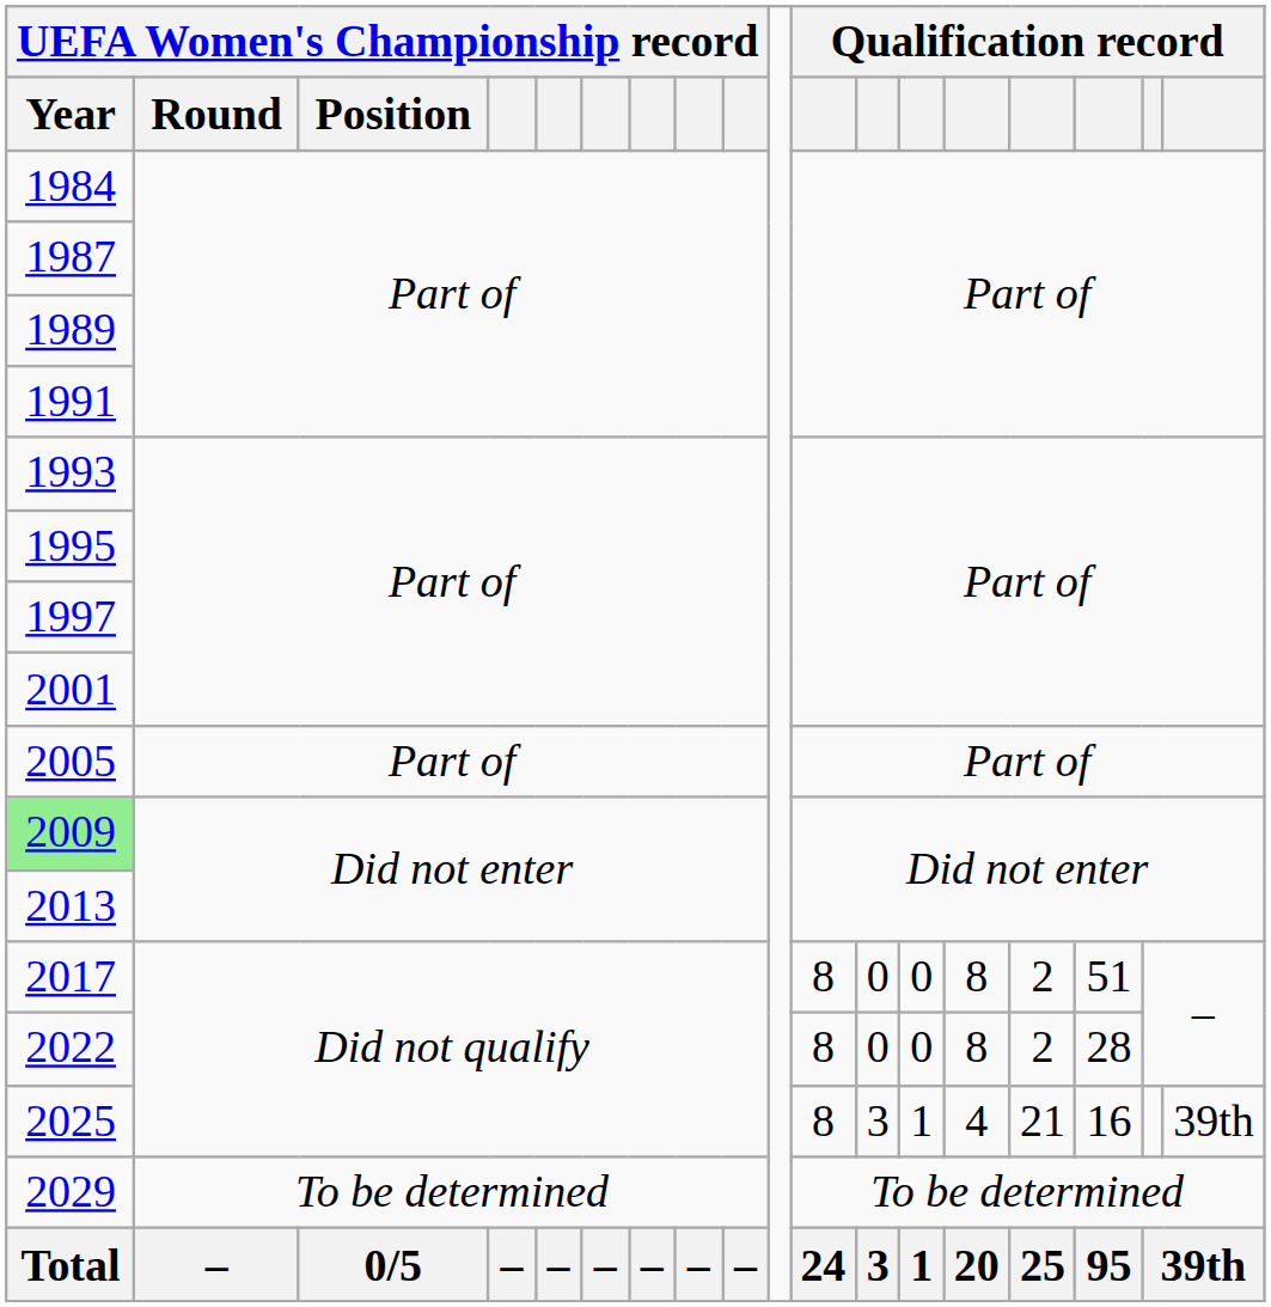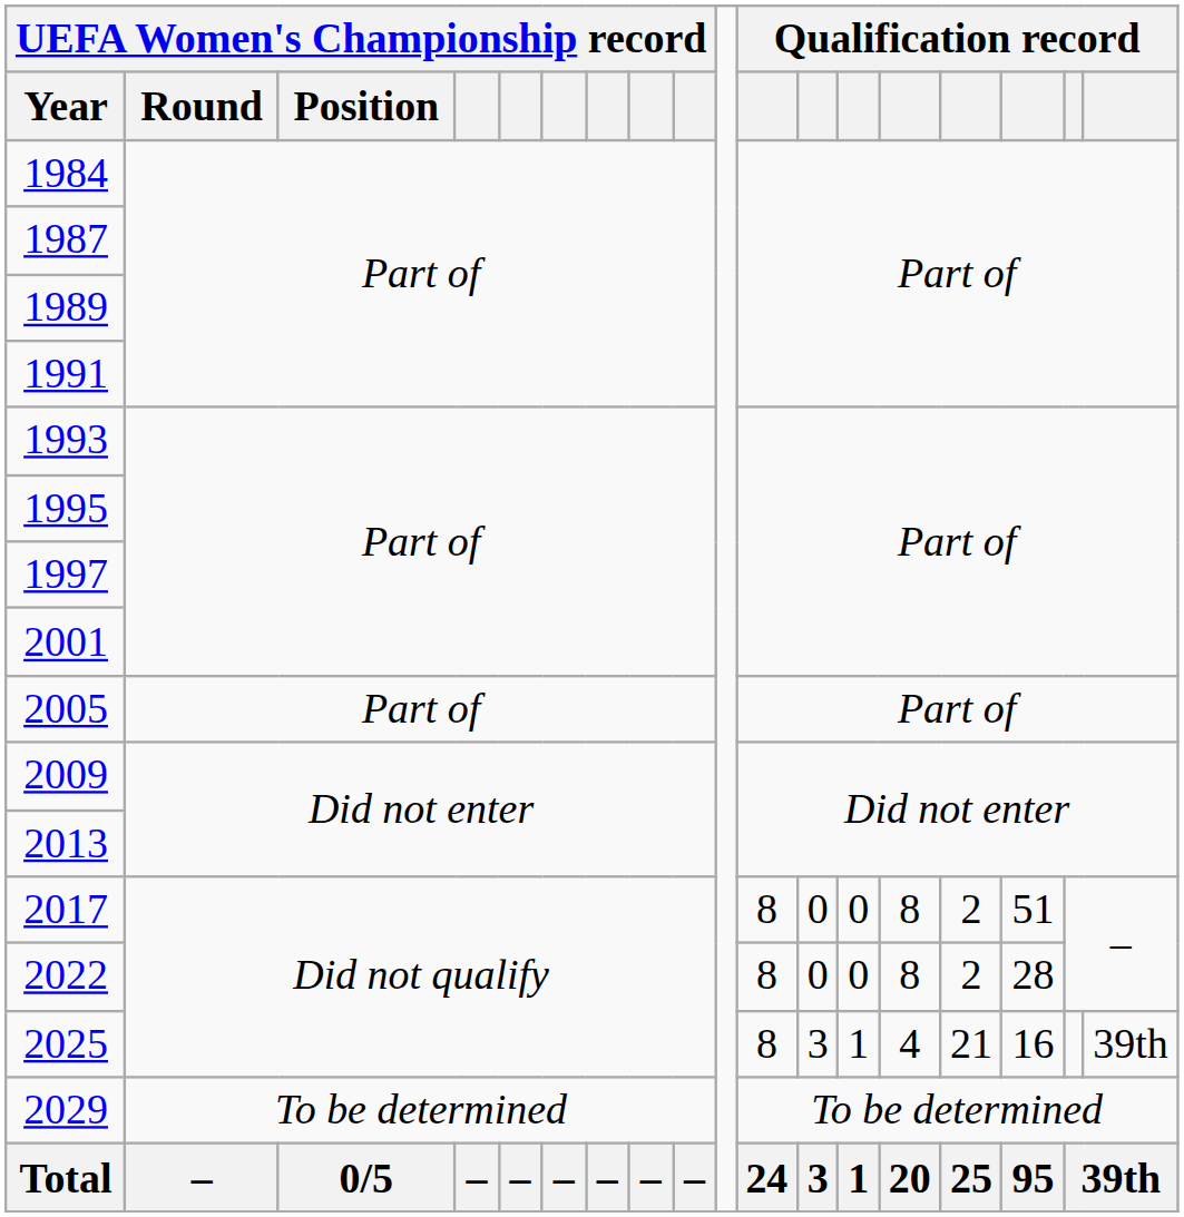 <table class="wikitable" style="text-align: center">
 <tr>
 <th colspan=9><a href='#'>UEFA Women's Championship</a> record</th>
 <td rowspan=100></td>
 <th colspan=8>Qualification record</th>
 </tr>
 <tr>
 <th>Year</th>
 <th>Round</th>
 <th>Position</th>
 <th></th>
 <th></th>
 <th></th>
 <th></th>
 <th></th>
 <th><br></th>
 <th></th>
 <th></th>
 <th></th>
 <th></th>
 <th></th>
 <th></th>
 <th></th>
 <th></th>
 </tr>
 <tr>
 <td> <a href='#'>1984</a></td>
 <td colspan=8 rowspan=4><em>Part of </em></td>
 <td colspan=8 rowspan=4><em>Part of </em></td>
 </tr>
 <tr>
 <td> <a href='#'>1987</a></td>
 </tr>
 <tr>
 <td> <a href='#'>1989</a></td>
 </tr>
 <tr>
 <td> <a href='#'>1991</a></td>
 </tr>
 <tr>
 <td> <a href='#'>1993</a></td>
 <td colspan=8 rowspan=4><em>Part of </em></td>
 <td colspan=8 rowspan=4><em>Part of </em></td>
 </tr>
 <tr>
 <td> <a href='#'>1995</a></td>
 </tr>
 <tr>
 <td> <a href='#'>1997</a></td>
 </tr>
 <tr>
 <td> <a href='#'>2001</a></td>
 </tr>
 <tr>
 <td> <a href='#'>2005</a></td>
 <td colspan=8><em>Part of </em></td>
 <td colspan=8><em>Part of </em></td>
 </tr>
 <tr>
-<td style="background: lightgreen;"> <a href='#'>2009</a></td>
+<td> <a href='#'>2009</a></td>
 <td colspan=8 rowspan=2><em>Did not enter</em></td>
 <td colspan=8 rowspan=2><em>Did not enter</em></td>
 </tr>
 <tr>
 <td> <a href='#'>2013</a></td>
 </tr>
 <tr>
 <td> <a href='#'>2017</a></td>
 <td colspan=8 rowspan=3><em>Did not qualify</em></td>
 <td>8</td>
 <td>0</td>
 <td>0</td>
 <td>8</td>
 <td>2</td>
 <td>51</td>
 <td colspan=2 rowspan=2>–</td>
 </tr>
 <tr>
 <td> <a href='#'>2022</a></td>
 <td>8</td>
 <td>0</td>
 <td>0</td>
 <td>8</td>
 <td>2</td>
 <td>28</td>
 </tr>
 <tr>
 <td> <a href='#'>2025</a></td>
 <td>8</td>
 <td>3</td>
 <td>1</td>
 <td>4</td>
 <td>21</td>
 <td>16</td>
 <td></td>
 <td>39th</td>
 </tr>
 <tr>
 <td><a href='#'>2029</a></td>
 <td colspan=8><em>To be determined</em></td>
 <td colspan=8><em>To be determined</em></td>
 </tr>
 <tr>
 <th>Total</th>
 <th>–</th>
 <th>0/5</th>
 <th>–</th>
 <th>–</th>
 <th>–</th>
 <th>–</th>
 <th>–</th>
 <th>–</th>
 <th>24</th>
 <th>3</th>
 <th>1</th>
 <th>20</th>
 <th>25</th>
 <th>95</th>
 <th colspan=2>39th</th>
 </tr>
 <tr>
 </tr>
 </table>
